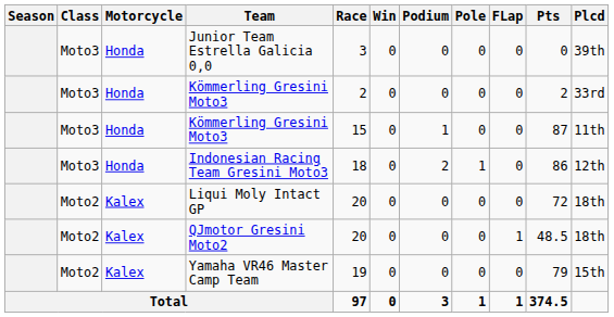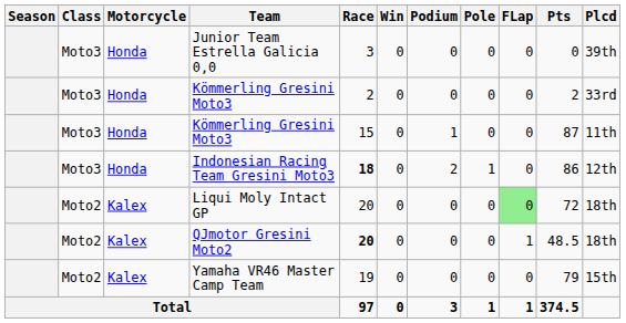 <table class="wikitable" style="text-align:right;">
 <tr>
 <th>Season</th>
 <th>Class</th>
 <th>Motorcycle</th>
 <th>Team</th>
 <th>Race</th>
 <th>Win</th>
 <th>Podium</th>
 <th>Pole</th>
 <th>FLap</th>
 <th>Pts</th>
 <th>Plcd</th>
 </tr>
 <tr>
 <th></th>
 <td>Moto3</td>
 <td style="text-align:left;"><a href='#'>Honda</a></td>
 <td style="text-align:left;">Junior Team Estrella Galicia 0,0</td>
 <td>3</td>
 <td>0</td>
 <td>0</td>
 <td>0</td>
 <td>0</td>
 <td>0</td>
 <td>39th</td>
 </tr>
 <tr>
 <th></th>
 <td>Moto3</td>
 <td style="text-align:left;"><a href='#'>Honda</a></td>
 <td style="text-align:left;"><a href='#'>Kömmerling Gresini Moto3</a></td>
 <td>2</td>
 <td>0</td>
 <td>0</td>
 <td>0</td>
 <td>0</td>
 <td>2</td>
 <td>33rd</td>
 </tr>
 <tr>
 <th></th>
 <td>Moto3</td>
 <td style="text-align:left;"><a href='#'>Honda</a></td>
 <td style="text-align:left;"><a href='#'>Kömmerling Gresini Moto3</a></td>
 <td>15</td>
 <td>0</td>
 <td>1</td>
 <td>0</td>
 <td>0</td>
 <td>87</td>
 <td>11th</td>
 </tr>
 <tr>
 <th></th>
 <td>Moto3</td>
 <td style="text-align:left;"><a href='#'>Honda</a></td>
 <td style="text-align:left;"><a href='#'>Indonesian Racing Team Gresini Moto3</a></td>
-<td>18</td>
+<td><strong>18</strong></td>
 <td>0</td>
 <td>2</td>
 <td>1</td>
 <td>0</td>
 <td>86</td>
 <td>12th</td>
 </tr>
 <tr>
 <th></th>
 <td>Moto2</td>
 <td style="text-align:left;"><a href='#'>Kalex</a></td>
 <td style="text-align:left;">Liqui Moly Intact GP</td>
 <td>20</td>
 <td>0</td>
 <td>0</td>
 <td>0</td>
-<td>0</td>
+<td style="background: lightgreen;">0</td>
 <td>72</td>
 <td>18th</td>
 </tr>
 <tr>
 <th></th>
 <td>Moto2</td>
 <td style="text-align:left;"><a href='#'>Kalex</a></td>
 <td style="text-align:left;"><a href='#'>QJmotor Gresini Moto2</a></td>
-<td>20</td>
+<td><strong>20</strong></td>
 <td>0</td>
 <td>0</td>
 <td>0</td>
 <td>1</td>
 <td>48.5</td>
 <td>18th</td>
 </tr>
 <tr>
 <th></th>
 <td>Moto2</td>
 <td style="text-align:left;"><a href='#'>Kalex</a></td>
 <td style="text-align:left;">Yamaha VR46 Master Camp Team</td>
 <td>19</td>
 <td>0</td>
 <td>0</td>
 <td>0</td>
 <td>0</td>
 <td>79</td>
 <td>15th</td>
 </tr>
 <tr>
 <th colspan="4">Total</th>
 <td><strong>97</strong></td>
 <td><strong>0</strong></td>
 <td><strong>3</strong></td>
 <td><strong>1</strong></td>
 <td><strong>1</strong></td>
 <td><strong>374.5</strong></td>
 <td></td>
 </tr>
 </table>
